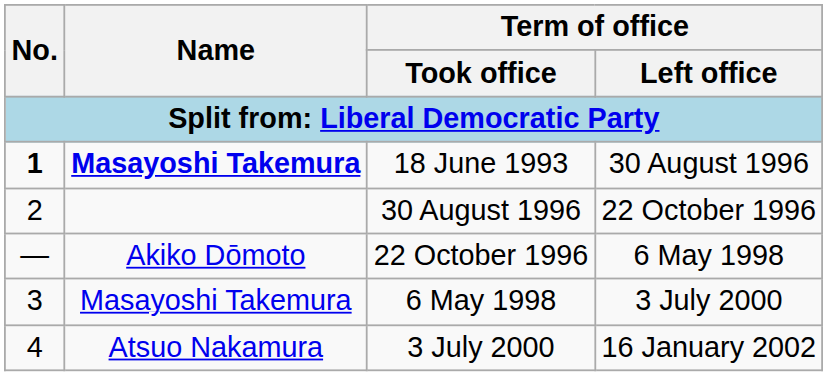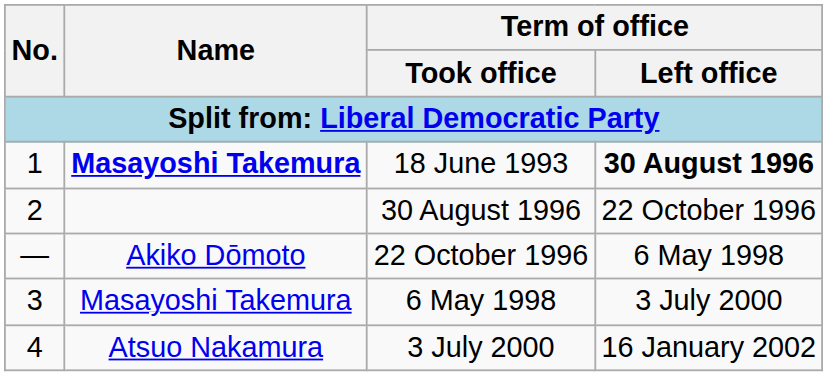 <table class="wikitable"  style="text-align:center">
 <tr>
 <th rowspan=2>No.</th>
 <th rowspan="2">Name</th>
 <th colspan=2>Term of office</th>
 </tr>
 <tr>
 <th>Took office</th>
 <th>Left office</th>
 </tr>
 <tr>
 <td bgcolor="lightblue" colspan="5"><strong>Split from: <a href='#'>Liberal Democratic Party</a></strong></td>
 </tr>
 <tr>
-<td><strong>1</strong></td>
+<td>1</td>
 <td><strong><a href='#'>Masayoshi Takemura</a></strong></td>
 <td>18 June 1993</td>
-<td>30 August 1996</td>
+<td><strong>30 August 1996</strong></td>
 </tr>
 <tr>
 <td>2</td>
 <td></td>
 <td>30 August 1996</td>
 <td>22 October 1996</td>
 </tr>
 <tr>
 <td>—</td>
 <td><a href='#'>Akiko Dōmoto</a></td>
 <td>22 October 1996</td>
 <td>6 May 1998</td>
 </tr>
 <tr>
 <td>3</td>
 <td><a href='#'>Masayoshi Takemura</a></td>
 <td>6 May 1998</td>
 <td>3 July 2000</td>
 </tr>
 <tr>
 <td>4</td>
 <td><a href='#'>Atsuo Nakamura</a></td>
 <td>3 July 2000</td>
 <td>16 January 2002</td>
 </tr>
 </table>
